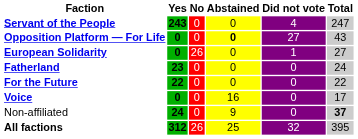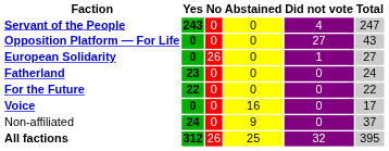 <table>
 <tr>
 <th>Faction</th>
 <th>Yes</th>
 <th>No</th>
 <th>Abstained</th>
 <th>Did not vote</th>
 <th>Total</th>
 </tr>
 <tr ---->
 <td><strong><a href='#'>Servant of the People</a></strong></td>
 <td style="text-align:center;background-color:#00B000;"><strong>243</strong></td>
 <td style="text-align:center;background-color:red;color:white;">0</td>
 <td style="text-align:center;background-color:yellow;">0</td>
 <td style="text-align:center;background-color:purple;color:white;">4</td>
 <td style="text-align:center;background-color:#cccccc;">247</td>
 </tr>
 <tr ---->
 <td><strong><a href='#'>Opposition Platform — For Life</a></strong></td>
 <td style="text-align:center;background-color:#00B000;"><strong>0</strong></td>
 <td style="text-align:center;background-color:red;color:white;">0</td>
-<td style="text-align:center;background-color:yellow;"><strong>0</strong></td>
+<td style="text-align:center;background-color:yellow;">0</td>
 <td style="text-align:center;background-color:purple;color:white;">27</td>
 <td style="text-align:center;background-color:#cccccc;">43</td>
 </tr>
 <tr ---->
 <td><strong><a href='#'>European Solidarity</a></strong></td>
 <td style="text-align:center;background-color:#00B000;"><strong>0</strong></td>
 <td style="text-align:center;background-color:red;color:white;">26</td>
 <td style="text-align:center;background-color:yellow;">0</td>
 <td style="text-align:center;background-color:purple;color:white;">1</td>
 <td style="text-align:center;background-color:#cccccc;">27</td>
 </tr>
 <tr ---->
 <td><strong><a href='#'>Fatherland</a></strong></td>
 <td style="text-align:center;background-color:#00B000;"><strong>23</strong></td>
 <td style="text-align:center;background-color:red;color:white;">0</td>
 <td style="text-align:center;background-color:yellow;">0</td>
 <td style="text-align:center;background-color:purple;color:white;">0</td>
 <td style="text-align:center;background-color:#cccccc;">24</td>
 </tr>
 <tr ---->
 <td><strong><a href='#'>For the Future</a></strong></td>
 <td style="text-align:center;background-color:#00B000;"><strong>22</strong></td>
 <td style="text-align:center;background-color:red;color:white;">0</td>
 <td style="text-align:center;background-color:yellow;">0</td>
 <td style="text-align:center;background-color:purple;color:white;">0</td>
 <td style="text-align:center;background-color:#cccccc;">22</td>
 </tr>
 <tr ---->
 <td><strong><a href='#'>Voice</a></strong></td>
 <td style="text-align:center;background-color:#00B000;"><strong>0</strong></td>
 <td style="text-align:center;background-color:red;color:white;">0</td>
 <td style="text-align:center;background-color:yellow;">16</td>
 <td style="text-align:center;background-color:purple;color:white;">0</td>
 <td style="text-align:center;background-color:#cccccc;">17</td>
 </tr>
 <tr ---->
 <td>Non-affiliated</td>
 <td style="text-align:center;background-color:#00B000;"><strong>24</strong></td>
 <td style="text-align:center;background-color:red;color:white;">0</td>
 <td style="text-align:center;background-color:yellow;">9</td>
 <td style="text-align:center;background-color:purple;color:white;">0</td>
-<td style="text-align:center;background-color:#cccccc;"><strong>37</strong></td>
+<td style="text-align:center;background-color:#cccccc;">37</td>
 </tr>
 <tr ---->
 <td><strong>All factions</strong></td>
 <td style="text-align:center;background-color:#00B000;"><strong>312</strong></td>
 <td style="text-align:center;background-color:red;color:white;">26</td>
 <td style="text-align:center;background-color:yellow;">25</td>
 <td style="text-align:center;background-color:purple;color:white;">32</td>
 <td style="text-align:center;background-color:#cccccc;">395</td>
 </tr>
 <tr>
 </tr>
 </table>
